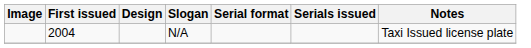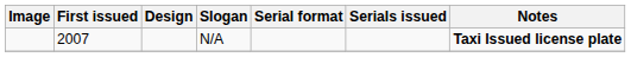 <table class="wikitable">
 <tr>
 <th>Image</th>
 <th>First issued</th>
 <th>Design</th>
 <th>Slogan</th>
 <th>Serial format</th>
 <th>Serials issued</th>
 <th>Notes</th>
 </tr>
 <tr>
 <td></td>
-<td>2004</td>
+<td>2007</td>
 <td></td>
 <td>N/A</td>
 <td></td>
 <td></td>
-<td>Taxi Issued license plate</td>
+<td><strong>Taxi Issued license plate</strong></td>
 </tr>
 <tr>
 </tr>
 </table>
